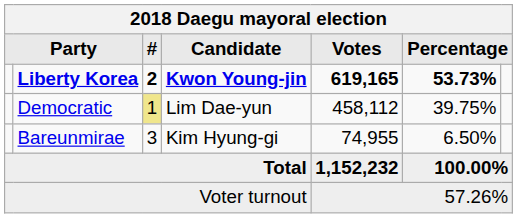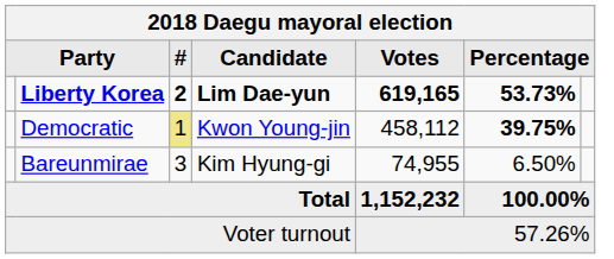 <table class="wikitable">
 <tr>
 <th colspan="7">2018 Daegu mayoral election</th>
 </tr>
 <tr>
 <th style="background-color:#E9E9E9" colspan=2>Party</th>
 <th style="background-color:#E9E9E9">#</th>
 <th style="background-color:#E9E9E9">Candidate</th>
 <th style="background-color:#E9E9E9">Votes</th>
 <th style="background-color:#E9E9E9" colspan=2>Percentage</th>
 </tr>
 <tr style="font-weight:bold">
 <td></td>
 <td align=left><a href='#'>Liberty Korea</a></td>
 <td align=center>2</td>
-<td align=left><a href='#'>Kwon Young-jin</a></td>
+<td align=left>Lim Dae-yun</td>
 <td align=right>619,165</td>
 <td align=right>53.73%</td>
 <td align=right></td>
 </tr>
 <tr>
 <td></td>
 <td align=left><a href='#'>Democratic</a></td>
 <td align=center style="background: khaki;">1</td>
-<td align=left>Lim Dae-yun</td>
+<td align=left><a href='#'>Kwon Young-jin</a></td>
 <td align=right>458,112</td>
-<td align=right>39.75%</td>
+<td align=right><strong>39.75%</strong></td>
 <td align=right></td>
 </tr>
 <tr>
 <td></td>
 <td align=left><a href='#'>Bareunmirae</a></td>
 <td align=center>3</td>
 <td align=left>Kim Hyung-gi</td>
 <td align=right>74,955</td>
 <td align=right>6.50%</td>
 <td align=right></td>
 </tr>
 <tr bgcolor="#EEEEEE" style="font-weight:bold">
 <td colspan="4" align=right>Total</td>
 <td align=right>1,152,232</td>
 <td align=right colspan=2>100.00%</td>
 </tr>
 <tr bgcolor="#EEEEEE">
 <td colspan="4" align="right">Voter turnout</td>
 <td colspan="3" align="right">57.26%</td>
 </tr>
 </table>
